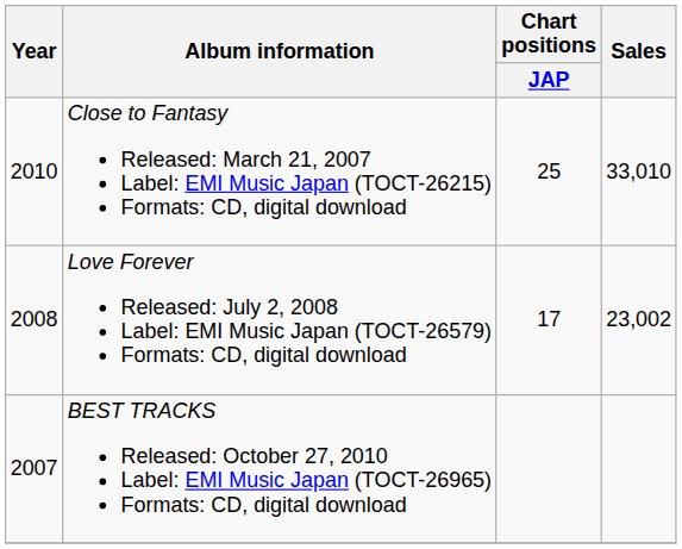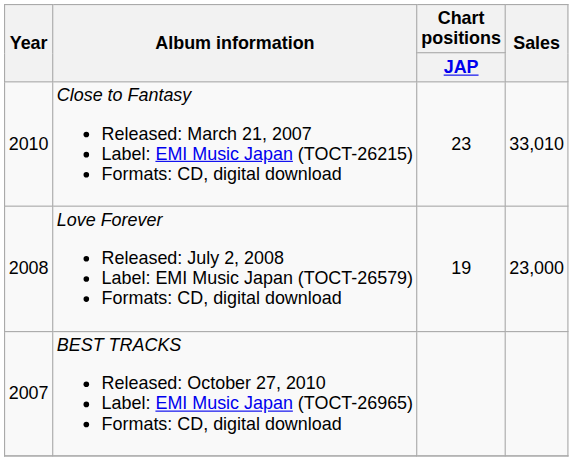 <table class="wikitable">
 <tr>
 <th rowspan="2">Year</th>
 <th rowspan="2">Album information</th>
 <th colspan="1">Chart positions <br></th>
 <th rowspan="2">Sales <br></th>
 </tr>
 <tr>
 <th style="width:35px;"><a href='#'>JAP</a></th>
 </tr>
 <tr>
 <td align="center">2010</td>
 <td><em>Close to Fantasy</em><br><ul><li>Released: March 21, 2007</li><li>Label: <a href='#'>EMI Music Japan</a> (TOCT-26215)</li><li>Formats: CD, digital download</li></ul></td>
-<td align="center">25</td>
+<td align="center">23</td>
 <td align="center">33,010</td>
 </tr>
 <tr>
 <td align="center">2008</td>
 <td><em>Love Forever</em><br><ul><li>Released: July 2, 2008</li><li>Label: EMI Music Japan (TOCT-26579)</li><li>Formats: CD, digital download</li></ul></td>
-<td align="center">17</td>
-<td align="center">23,002</td>
+<td align="center">19</td>
+<td align="center">23,000</td>
 </tr>
 <tr>
 <td align="center">2007</td>
 <td><em>BEST TRACKS</em><br><ul><li>Released: October 27, 2010</li><li>Label: <a href='#'>EMI Music Japan</a> (TOCT-26965)</li><li>Formats: CD, digital download</li></ul></td>
 <td align="center"></td>
 <td align="center"></td>
 </tr>
 <tr>
 </tr>
 </table>
